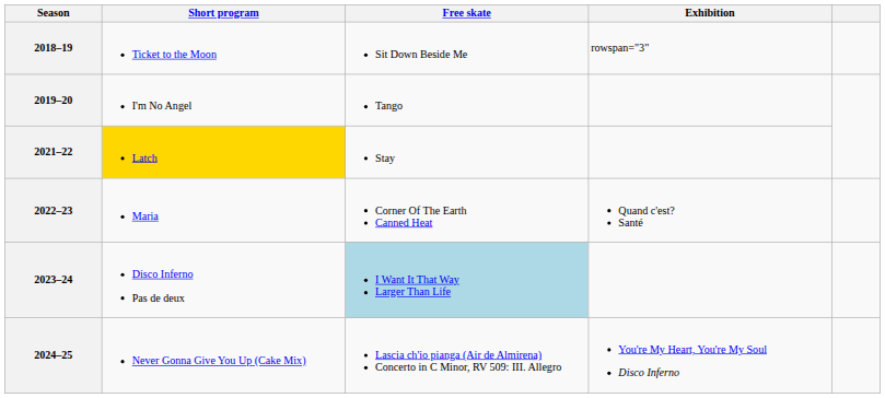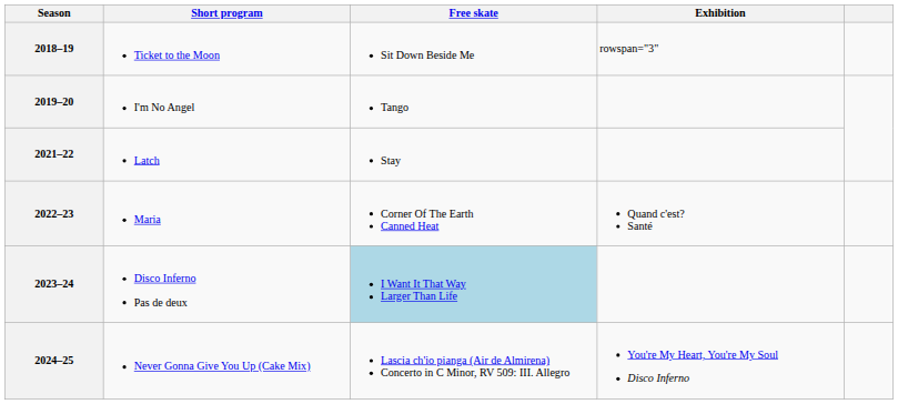 <table class="wikitable unsortable" style="text-align:left">
 <tr>
 <th scope="col" style="text-align:center; width:10%">Season</th>
 <th scope="col" style="text-align:center; width:25%"><a href='#'>Short program</a></th>
 <th scope="col" style="text-align:center; width:25%"><a href='#'>Free skate</a></th>
 <th scope="col" style="text-align:center; width:25%">Exhibition</th>
 <th scope="col" style="text-align:center; width:5%"></th>
 </tr>
 <tr>
 <th scope="row">2018–19</th>
 <td><br><ul><li><a href='#'>Ticket to the Moon</a><br></li></ul></td>
 <td><br><ul><li>Sit Down Beside Me<br></li></ul></td>
 <td>rowspan="3" </td>
 <td></td>
 </tr>
 <tr>
 <th scope="row">2019–20</th>
 <td><br><ul><li>I'm No Angel<br></li></ul></td>
 <td><br><ul><li>Tango<br></li></ul></td>
 <td></td>
 </tr>
 <tr>
 <th scope="row">2021–22</th>
-<td style="background: gold;"><br><ul><li><a href='#'>Latch</a><br></li></ul></td>
+<td><br><ul><li><a href='#'>Latch</a><br></li></ul></td>
 <td><br><ul><li>Stay <br> </li></ul></td>
 <td></td>
 </tr>
 <tr>
 <th scope="row">2022–23</th>
 <td><br><ul><li><a href='#'>Maria</a><br></li></ul></td>
 <td><br><ul><li>Corner Of The Earth</li><li><a href='#'>Canned Heat</a> <br> </li></ul></td>
 <td><br><ul><li>Quand c'est?</li><li>Santé <br> </li></ul></td>
 <td></td>
 </tr>
 <tr>
 <th scope="row">2023–24</th>
 <td><br><ul><li><a href='#'>Disco Inferno</a><br></li></ul><ul><li>Pas de deux<br></li></ul></td>
 <td style="background: lightblue;"><br><ul><li><a href='#'>I Want It That Way</a></li><li><a href='#'>Larger Than Life</a> <br></li></ul></td>
 <td></td>
 <td></td>
 </tr>
 <tr>
 <th scope="row">2024–25</th>
 <td><br><ul><li><a href='#'>Never Gonna Give You Up (Cake Mix)</a> <br> </li></ul></td>
 <td><br><ul><li><a href='#'>Lascia ch'io pianga (Air de Almirena)</a> <br></li><li>Concerto in C Minor, RV 509: III. Allegro <br></li></ul></td>
 <td><br><ul><li><a href='#'>You're My Heart, You're My Soul</a> <br> </li></ul><ul><li><em>Disco Inferno</em></li></ul></td>
 <td></td>
 </tr>
 </table>
